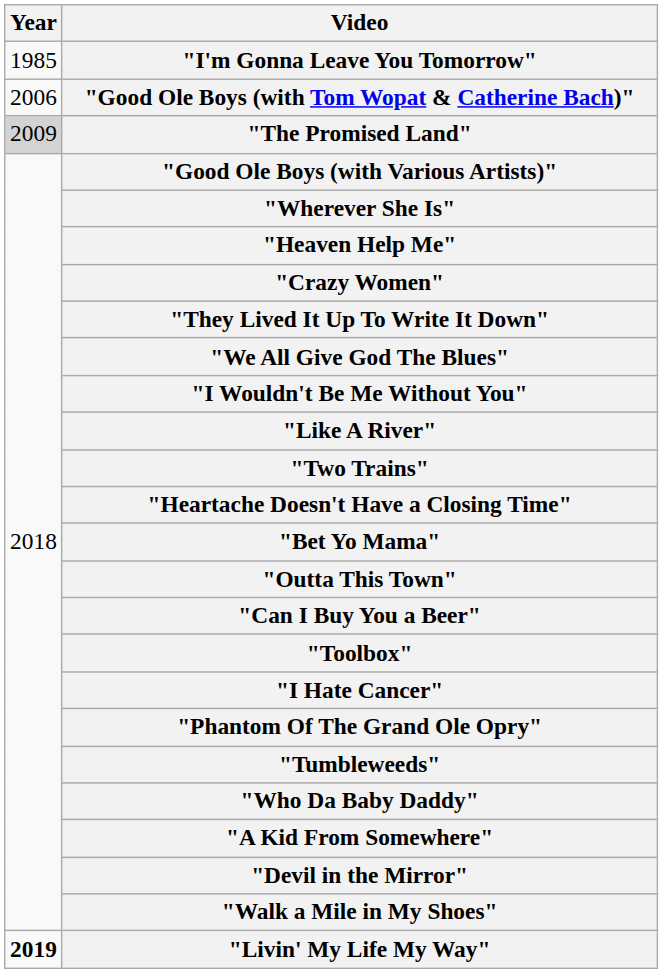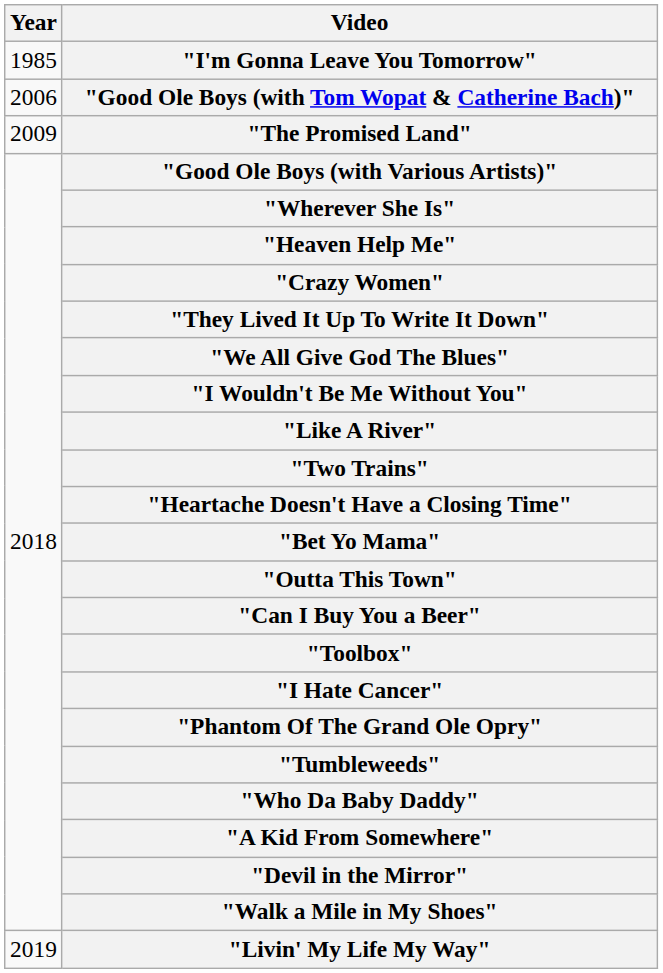 <table class="wikitable plainrowheaders">
 <tr>
 <th>Year</th>
 <th style="width:25em;">Video</th>
 </tr>
 <tr>
 <td>1985</td>
 <th scope="row">"I'm Gonna Leave You Tomorrow"</th>
 </tr>
 <tr>
 <td>2006</td>
 <th scope="row">"Good Ole Boys (with <a href='#'>Tom Wopat</a> & <a href='#'>Catherine Bach</a>)"</th>
 </tr>
 <tr>
-<td style="background: lightgrey;">2009</td>
+<td>2009</td>
 <th scope="row">"The Promised Land"</th>
 </tr>
 <tr>
 <td rowspan="21">2018</td>
 <th scope="row">"Good Ole Boys (with Various Artists)"</th>
 </tr>
 <tr>
 <th scope="row">"Wherever She Is"</th>
 </tr>
 <tr>
 <th scope="row">"Heaven Help Me"</th>
 </tr>
 <tr>
 <th scope="row">"Crazy Women"</th>
 </tr>
 <tr>
 <th scope="row">"They Lived It Up To Write It Down"</th>
 </tr>
 <tr>
 <th scope="row">"We All Give God The Blues"</th>
 </tr>
 <tr>
 <th scope="row">"I Wouldn't Be Me Without You"</th>
 </tr>
 <tr>
 <th scope="row">"Like A River"</th>
 </tr>
 <tr>
 <th scope="row">"Two Trains"</th>
 </tr>
 <tr>
 <th scope="row">"Heartache Doesn't Have a Closing Time"</th>
 </tr>
 <tr>
 <th scope="row">"Bet Yo Mama"</th>
 </tr>
 <tr>
 <th scope="row">"Outta This Town"</th>
 </tr>
 <tr>
 <th scope="row">"Can I Buy You a Beer"</th>
 </tr>
 <tr>
 <th scope="row">"Toolbox"</th>
 </tr>
 <tr>
 <th scope="row">"I Hate Cancer"</th>
 </tr>
 <tr>
 <th scope="row">"Phantom Of The Grand Ole Opry"</th>
 </tr>
 <tr>
 <th scope="row">"Tumbleweeds"</th>
 </tr>
 <tr>
 <th scope="row">"Who Da Baby Daddy"</th>
 </tr>
 <tr>
 <th scope="row">"A Kid From Somewhere"</th>
 </tr>
 <tr>
 <th scope="row">"Devil in the Mirror"</th>
 </tr>
 <tr>
 <th scope="row">"Walk a Mile in My Shoes"</th>
 </tr>
 <tr>
-<td><strong>2019</strong></td>
+<td>2019</td>
 <th scope="row">"Livin' My Life My Way"</th>
 </tr>
 </table>
